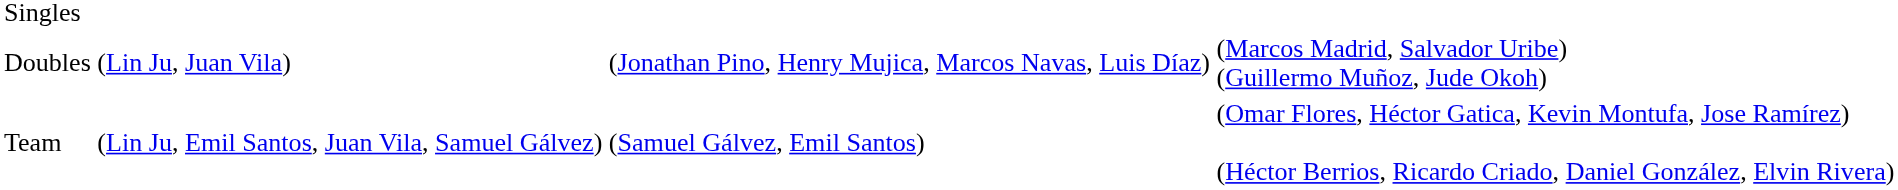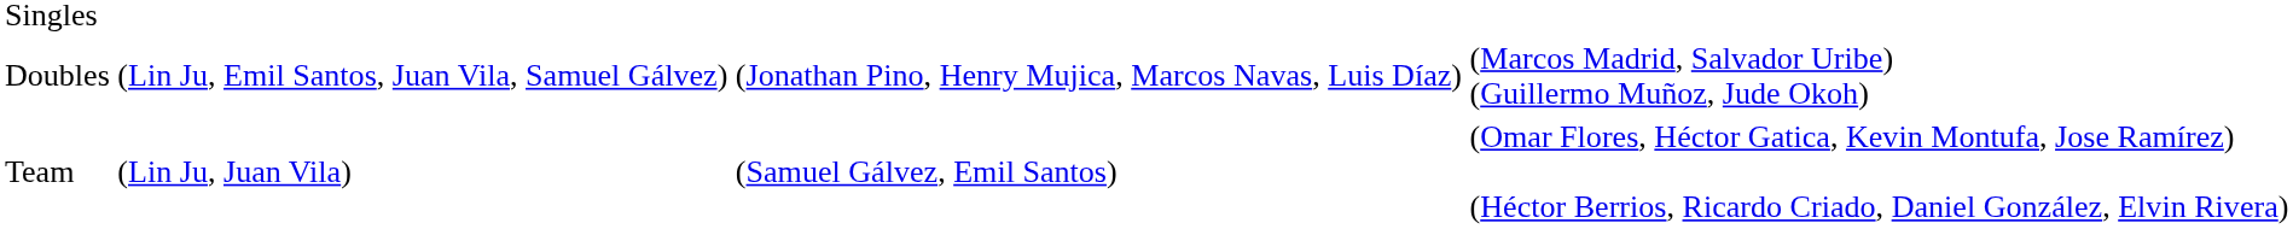 <table>
 <tr>
 <td>Singles</td>
 <td></td>
 <td></td>
 <td><br></td>
 </tr>
 <tr>
 <td>Doubles</td>
-<td> (<a href='#'>Lin Ju</a>, <a href='#'>Juan Vila</a>)</td>
+<td> (<a href='#'>Lin Ju</a>, <a href='#'>Emil Santos</a>, <a href='#'>Juan Vila</a>, <a href='#'>Samuel Gálvez</a>)</td>
 <td> (<a href='#'>Jonathan Pino</a>, <a href='#'>Henry Mujica</a>, <a href='#'>Marcos Navas</a>, <a href='#'>Luis Díaz</a>)</td>
 <td> (<a href='#'>Marcos Madrid</a>, <a href='#'>Salvador Uribe</a>)<br> (<a href='#'>Guillermo Muñoz</a>, <a href='#'>Jude Okoh</a>)</td>
 </tr>
 <tr>
 <td>Team</td>
-<td> (<a href='#'>Lin Ju</a>, <a href='#'>Emil Santos</a>, <a href='#'>Juan Vila</a>, <a href='#'>Samuel Gálvez</a>)</td>
+<td> (<a href='#'>Lin Ju</a>, <a href='#'>Juan Vila</a>)</td>
 <td> (<a href='#'>Samuel Gálvez</a>, <a href='#'>Emil Santos</a>)</td>
 <td> (<a href='#'>Omar Flores</a>, <a href='#'>Héctor Gatica</a>, <a href='#'>Kevin Montufa</a>, <a href='#'>Jose Ramírez</a>)<br><br> (<a href='#'>Héctor Berrios</a>, <a href='#'>Ricardo Criado</a>, <a href='#'>Daniel González</a>, <a href='#'>Elvin Rivera</a>)</td>
 </tr>
 <tr>
 </tr>
 </table>
